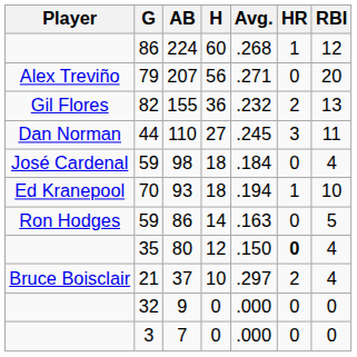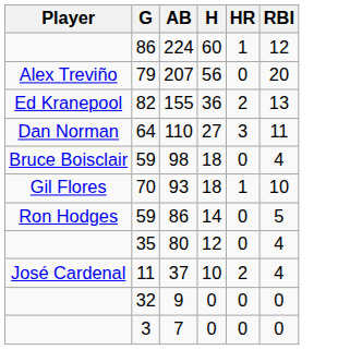 <table class="wikitable sortable">
 <tr>
 <th>Player</th>
 <th>G</th>
 <th>AB</th>
 <th>H</th>
-<th>Avg.</th>
 <th>HR</th>
 <th>RBI</th>
 </tr>
 <tr style="text-align:center;">
 <td></td>
 <td>86</td>
 <td>224</td>
 <td>60</td>
-<td>.268</td>
 <td>1</td>
 <td>12</td>
 </tr>
 <tr style="text-align:center;">
 <td><a href='#'>Alex Treviño</a></td>
 <td>79</td>
 <td>207</td>
 <td>56</td>
-<td>.271</td>
 <td>0</td>
 <td>20</td>
 </tr>
 <tr align=center>
-<td><a href='#'>Gil Flores</a></td>
+<td><a href='#'>Ed Kranepool</a></td>
 <td>82</td>
 <td>155</td>
 <td>36</td>
-<td>.232</td>
 <td>2</td>
 <td>13</td>
 </tr>
 <tr align=center>
 <td><a href='#'>Dan Norman</a></td>
-<td>44</td>
+<td>64</td>
 <td>110</td>
 <td>27</td>
-<td>.245</td>
 <td>3</td>
 <td>11</td>
 </tr>
 <tr align=center>
-<td><a href='#'>José Cardenal</a></td>
+<td><a href='#'>Bruce Boisclair</a></td>
 <td>59</td>
 <td>98</td>
 <td>18</td>
-<td>.184</td>
 <td>0</td>
 <td>4</td>
 </tr>
 <tr align=center>
-<td><a href='#'>Ed Kranepool</a></td>
+<td><a href='#'>Gil Flores</a></td>
 <td>70</td>
 <td>93</td>
 <td>18</td>
-<td>.194</td>
 <td>1</td>
 <td>10</td>
 </tr>
 <tr align=center>
 <td><a href='#'>Ron Hodges</a></td>
 <td>59</td>
 <td>86</td>
 <td>14</td>
-<td>.163</td>
 <td>0</td>
 <td>5</td>
 </tr>
 <tr align=center>
 <td></td>
 <td>35</td>
 <td>80</td>
 <td>12</td>
-<td>.150</td>
-<td><strong>0</strong></td>
+<td>0</td>
 <td>4</td>
 </tr>
 <tr style="text-align:center;">
-<td><a href='#'>Bruce Boisclair</a></td>
-<td>21</td>
+<td><a href='#'>José Cardenal</a></td>
+<td>11</td>
 <td>37</td>
 <td>10</td>
-<td>.297</td>
 <td>2</td>
 <td>4</td>
 </tr>
 <tr align=center>
 <td></td>
 <td>32</td>
 <td>9</td>
 <td>0</td>
-<td>.000</td>
 <td>0</td>
 <td>0</td>
 </tr>
 <tr style="text-align:center;">
 <td></td>
 <td>3</td>
 <td>7</td>
 <td>0</td>
-<td>.000</td>
 <td>0</td>
 <td>0</td>
 </tr>
 </table>
